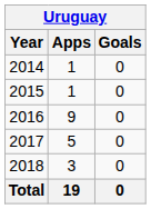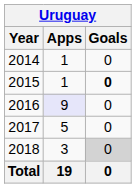 <table class="wikitable" style="text-align:center">
 <tr>
 <th colspan=3><a href='#'>Uruguay</a></th>
 </tr>
 <tr>
 <th>Year</th>
 <th>Apps</th>
 <th>Goals</th>
 </tr>
 <tr>
 <td>2014</td>
 <td>1</td>
 <td>0</td>
 </tr>
 <tr>
 <td>2015</td>
 <td>1</td>
-<td>0</td>
+<td><strong>0</strong></td>
 </tr>
 <tr>
 <td>2016</td>
-<td>9</td>
+<td style="background: lavender;">9</td>
 <td>0</td>
 </tr>
 <tr>
 <td>2017</td>
 <td>5</td>
 <td>0</td>
 </tr>
 <tr>
 <td>2018</td>
 <td>3</td>
-<td>0</td>
+<td style="background: lightgrey;">0</td>
 </tr>
 <tr>
 <th>Total</th>
 <th>19</th>
 <th>0</th>
 </tr>
 </table>
